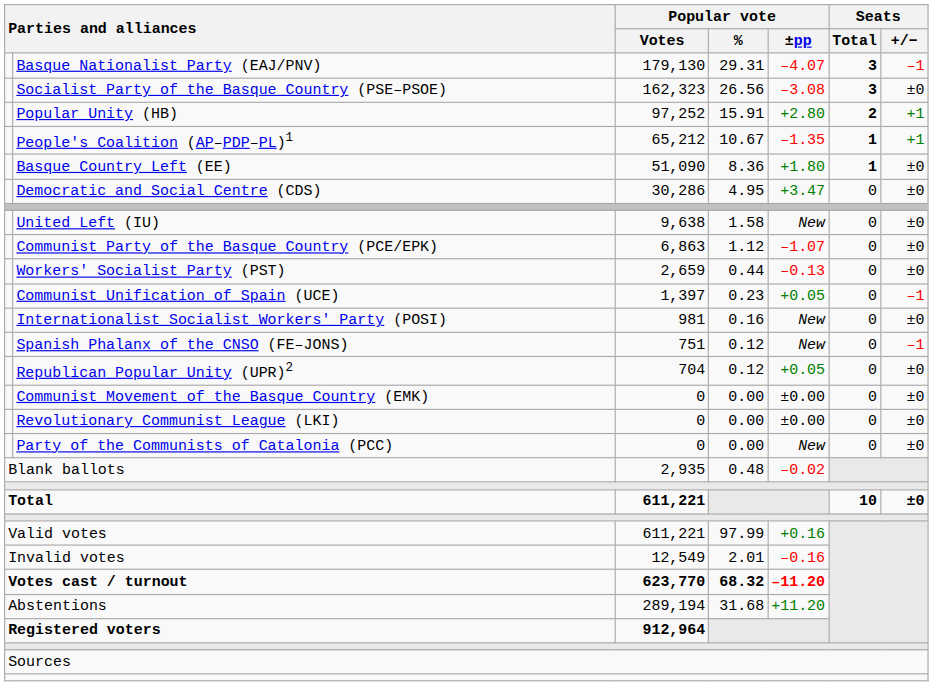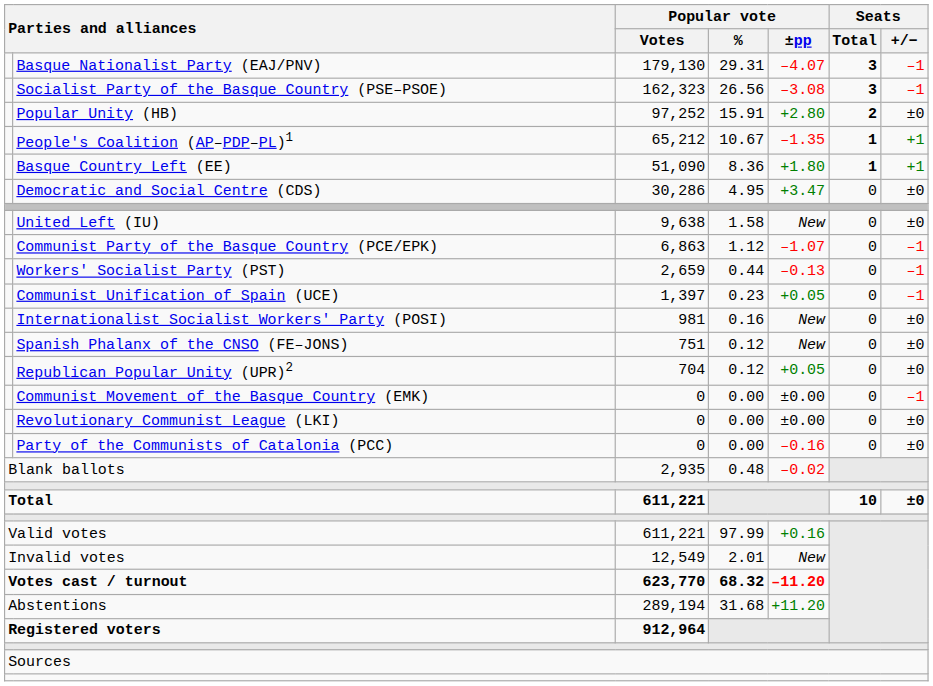 <table class="wikitable" style="text-align:right;">
 <tr>
 <th style="text-align:left;" rowspan="2" colspan="2" width="525">Parties and alliances</th>
 <th colspan="3">Popular vote</th>
 <th colspan="2">Seats</th>
 </tr>
 <tr>
 <th width="75">Votes</th>
 <th width="45">%</th>
 <th width="45">±<a href='#'>pp</a></th>
 <th width="35">Total</th>
 <th width="35">+/−</th>
 </tr>
 <tr>
 <td width="1" style="color:inherit;background:"></td>
 <td align="left"><a href='#'>Basque Nationalist Party</a> (EAJ/PNV)</td>
 <td>179,130</td>
 <td>29.31</td>
 <td style="color:red;">–4.07</td>
 <td><strong>3</strong></td>
 <td style="color:red;">–1</td>
 </tr>
 <tr>
 <td style="color:inherit;background:"></td>
 <td align="left"><a href='#'>Socialist Party of the Basque Country</a> (PSE–PSOE)</td>
 <td>162,323</td>
 <td>26.56</td>
 <td style="color:red;">–3.08</td>
 <td><strong>3</strong></td>
-<td>±0</td>
+<td style="color:red;">–1</td>
 </tr>
 <tr>
 <td style="color:inherit;background:"></td>
 <td align="left"><a href='#'>Popular Unity</a> (HB)</td>
 <td>97,252</td>
 <td>15.91</td>
 <td style="color:green;">+2.80</td>
 <td><strong>2</strong></td>
-<td style="color:green;">+1</td>
+<td>±0</td>
 </tr>
 <tr>
 <td style="color:inherit;background:"></td>
 <td align="left"><a href='#'>People's Coalition</a> (<a href='#'>AP</a>–<a href='#'>PDP</a>–<a href='#'>PL</a>)<sup>1</sup></td>
 <td>65,212</td>
 <td>10.67</td>
 <td style="color:red;">–1.35</td>
 <td><strong>1</strong></td>
 <td style="color:green;">+1</td>
 </tr>
 <tr>
 <td style="color:inherit;background:"></td>
 <td align="left"><a href='#'>Basque Country Left</a> (EE)</td>
 <td>51,090</td>
 <td>8.36</td>
 <td style="color:green;">+1.80</td>
 <td><strong>1</strong></td>
-<td>±0</td>
+<td style="color:green;">+1</td>
 </tr>
 <tr>
 <td style="color:inherit;background:"></td>
 <td align="left"><a href='#'>Democratic and Social Centre</a> (CDS)</td>
 <td>30,286</td>
 <td>4.95</td>
 <td style="color:green;">+3.47</td>
 <td>0</td>
 <td>±0</td>
 </tr>
 <tr>
 <td colspan="7" bgcolor="#C0C0C0"></td>
 </tr>
 <tr>
 <td style="color:inherit;background:"></td>
 <td align="left"><a href='#'>United Left</a> (IU)</td>
 <td>9,638</td>
 <td>1.58</td>
 <td><em>New</em></td>
 <td>0</td>
 <td>±0</td>
 </tr>
 <tr>
 <td style="color:inherit;background:"></td>
 <td align="left"><a href='#'>Communist Party of the Basque Country</a> (PCE/EPK)</td>
 <td>6,863</td>
 <td>1.12</td>
 <td style="color:red;">–1.07</td>
 <td>0</td>
-<td>±0</td>
+<td style="color:red;">–1</td>
 </tr>
 <tr>
 <td style="color:inherit;background:"></td>
 <td align="left"><a href='#'>Workers' Socialist Party</a> (PST)</td>
 <td>2,659</td>
 <td>0.44</td>
 <td style="color:red;">–0.13</td>
 <td>0</td>
-<td>±0</td>
+<td style="color:red;">–1</td>
 </tr>
 <tr>
 <td style="color:inherit;background:"></td>
 <td align="left"><a href='#'>Communist Unification of Spain</a> (UCE)</td>
 <td>1,397</td>
 <td>0.23</td>
 <td style="color:green;">+0.05</td>
 <td>0</td>
 <td style="color:red;">–1</td>
 </tr>
 <tr>
 <td style="color:inherit;background:"></td>
 <td align="left"><a href='#'>Internationalist Socialist Workers' Party</a> (POSI)</td>
 <td>981</td>
 <td>0.16</td>
 <td><em>New</em></td>
 <td>0</td>
 <td>±0</td>
 </tr>
 <tr>
 <td style="color:inherit;background:"></td>
 <td align="left"><a href='#'>Spanish Phalanx of the CNSO</a> (FE–JONS)</td>
 <td>751</td>
 <td>0.12</td>
 <td><em>New</em></td>
 <td>0</td>
-<td style="color:red;">–1</td>
+<td>±0</td>
 </tr>
 <tr>
 <td style="color:inherit;background:"></td>
 <td align="left"><a href='#'>Republican Popular Unity</a> (UPR)<sup>2</sup></td>
 <td>704</td>
 <td>0.12</td>
 <td style="color:green;">+0.05</td>
 <td>0</td>
 <td>±0</td>
 </tr>
 <tr>
 <td style="color:inherit;background:"></td>
 <td align="left"><a href='#'>Communist Movement of the Basque Country</a> (EMK)</td>
 <td>0</td>
 <td>0.00</td>
 <td>±0.00</td>
 <td>0</td>
-<td>±0</td>
+<td style="color:red;">–1</td>
 </tr>
 <tr>
 <td style="color:inherit;background:"></td>
 <td align="left"><a href='#'>Revolutionary Communist League</a> (LKI)</td>
 <td>0</td>
 <td>0.00</td>
 <td>±0.00</td>
 <td>0</td>
 <td>±0</td>
 </tr>
 <tr>
 <td style="color:inherit;background:"></td>
 <td align="left"><a href='#'>Party of the Communists of Catalonia</a> (PCC)</td>
 <td>0</td>
 <td>0.00</td>
-<td><em>New</em></td>
+<td style="color:red;">–0.16</td>
 <td>0</td>
 <td>±0</td>
 </tr>
 <tr>
 <td align="left" colspan="2">Blank ballots</td>
 <td>2,935</td>
 <td>0.48</td>
 <td style="color:red;">–0.02</td>
 <td bgcolor="#E9E9E9" colspan="2"></td>
 </tr>
 <tr>
 <td colspan="7" bgcolor="#E9E9E9"></td>
 </tr>
 <tr style="font-weight:bold;">
 <td align="left" colspan="2">Total</td>
 <td>611,221</td>
 <td bgcolor="#E9E9E9" colspan="2"></td>
 <td>10</td>
 <td>±0</td>
 </tr>
 <tr>
 <td colspan="7" bgcolor="#E9E9E9"></td>
 </tr>
 <tr>
 <td align="left" colspan="2">Valid votes</td>
 <td>611,221</td>
 <td>97.99</td>
 <td style="color:green;">+0.16</td>
 <td bgcolor="#E9E9E9" colspan="2" rowspan="5"></td>
 </tr>
 <tr>
 <td align="left" colspan="2">Invalid votes</td>
 <td>12,549</td>
 <td>2.01</td>
-<td style="color:red;">–0.16</td>
+<td><em>New</em></td>
 </tr>
 <tr style="font-weight:bold;">
 <td align="left" colspan="2">Votes cast / turnout</td>
 <td>623,770</td>
 <td>68.32</td>
 <td style="color:red;">–11.20</td>
 </tr>
 <tr>
 <td align="left" colspan="2">Abstentions</td>
 <td>289,194</td>
 <td>31.68</td>
 <td style="color:green;">+11.20</td>
 </tr>
 <tr style="font-weight:bold;">
 <td align="left" colspan="2">Registered voters</td>
 <td>912,964</td>
 <td bgcolor="#E9E9E9" colspan="2"></td>
 </tr>
 <tr>
 <td colspan="7" bgcolor="#E9E9E9"></td>
 </tr>
 <tr>
 <td align="left" colspan="7">Sources</td>
 </tr>
 <tr>
 <td colspan="7" style="text-align:left; max-width:790px;"></td>
 </tr>
 </table>
